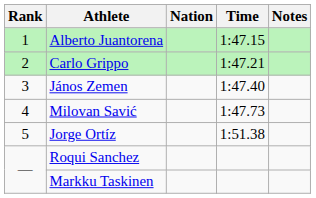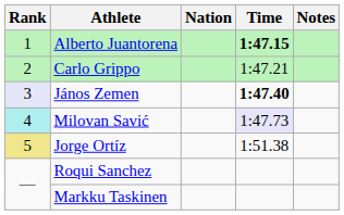 <table class="wikitable sortable" style="text-align:center">
 <tr>
 <th>Rank</th>
 <th>Athlete</th>
 <th>Nation</th>
 <th>Time</th>
 <th>Notes</th>
 </tr>
 <tr style="background:#bbf3bb;">
 <td>1</td>
 <td align=left><a href='#'>Alberto Juantorena</a></td>
 <td align=left></td>
-<td>1:47.15</td>
+<td><strong>1:47.15</strong></td>
 <td></td>
 </tr>
 <tr style="background:#bbf3bb;">
 <td>2</td>
 <td align=left><a href='#'>Carlo Grippo</a></td>
 <td align=left></td>
 <td>1:47.21</td>
 <td></td>
 </tr>
 <tr>
-<td>3</td>
+<td style="background: lavender;">3</td>
 <td align=left><a href='#'>János Zemen</a></td>
 <td align=left></td>
-<td>1:47.40</td>
+<td><strong>1:47.40</strong></td>
 <td></td>
 </tr>
 <tr>
-<td>4</td>
+<td style="background: paleturquoise;">4</td>
 <td align=left><a href='#'>Milovan Savić</a></td>
 <td align=left></td>
-<td>1:47.73</td>
+<td style="background: lavender;">1:47.73</td>
 <td></td>
 </tr>
 <tr>
-<td>5</td>
+<td style="background: khaki;">5</td>
 <td align=left><a href='#'>Jorge Ortíz</a></td>
 <td align=left></td>
 <td>1:51.38</td>
 <td></td>
 </tr>
 <tr>
 <td rowspan=2 data-sort-value=6>—</td>
 <td align=left><a href='#'>Roqui Sanchez</a></td>
 <td align=left></td>
 <td></td>
 <td></td>
 </tr>
 <tr>
 <td align=left><a href='#'>Markku Taskinen</a></td>
 <td align=left></td>
 <td></td>
 <td></td>
 </tr>
 </table>
